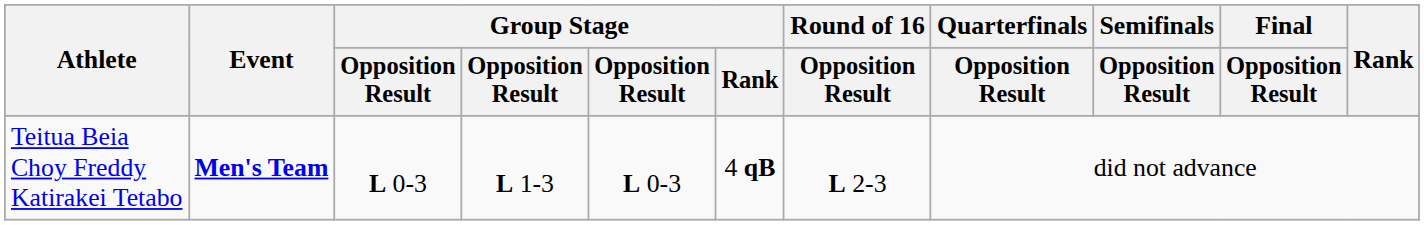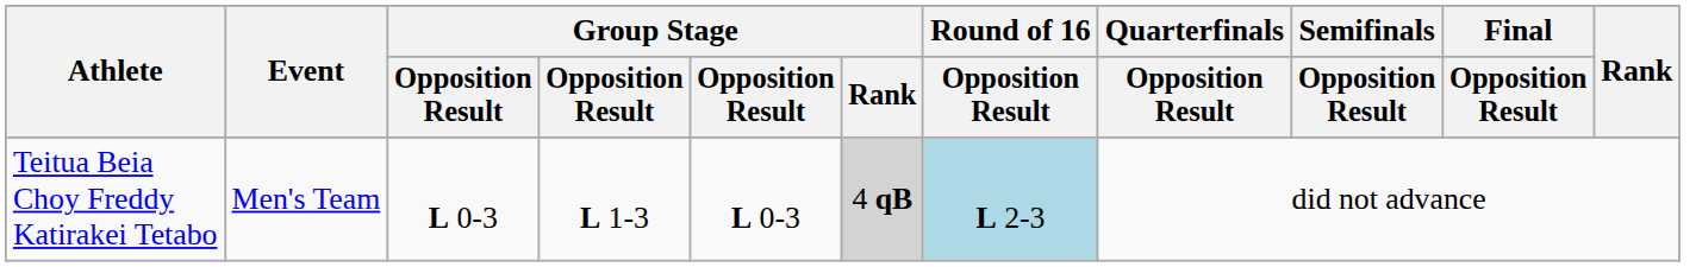 <table class="wikitable" style="font-size:90%">
 <tr>
 <th rowspan=2>Athlete</th>
 <th rowspan=2>Event</th>
 <th colspan=4>Group Stage</th>
 <th>Round of 16</th>
 <th>Quarterfinals</th>
 <th>Semifinals</th>
 <th>Final</th>
 <th rowspan=2>Rank</th>
 </tr>
 <tr style="font-size:95%">
 <th>Opposition<br>Result</th>
 <th>Opposition<br>Result</th>
 <th>Opposition<br>Result</th>
 <th>Rank</th>
 <th>Opposition<br>Result</th>
 <th>Opposition<br>Result</th>
 <th>Opposition<br>Result</th>
 <th>Opposition<br>Result</th>
 </tr>
 <tr align=center>
 <td align=left><a href='#'>Teitua Beia</a><br><a href='#'>Choy Freddy</a><br><a href='#'>Katirakei Tetabo</a></td>
-<td align=left><strong><a href='#'>Men's Team</a></strong></td>
+<td align=left><a href='#'>Men's Team</a></td>
 <td><br><strong>L</strong> 0-3</td>
 <td><br><strong>L</strong> 1-3</td>
 <td><br><strong>L</strong> 0-3</td>
-<td>4 <strong>qB</strong></td>
-<td><br><strong>L</strong> 2-3</td>
+<td style="background: lightgrey;">4 <strong>qB</strong></td>
+<td style="background: lightblue;"><br><strong>L</strong> 2-3</td>
 <td colspan=4>did not advance</td>
 </tr>
 </table>
